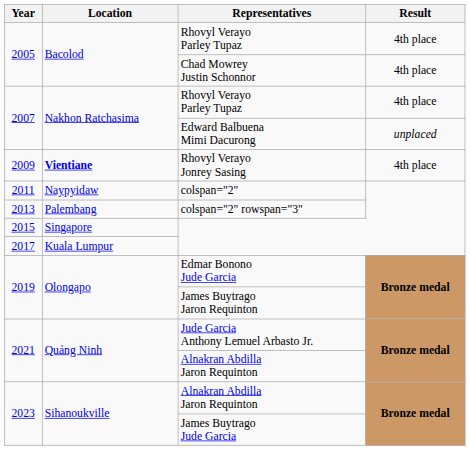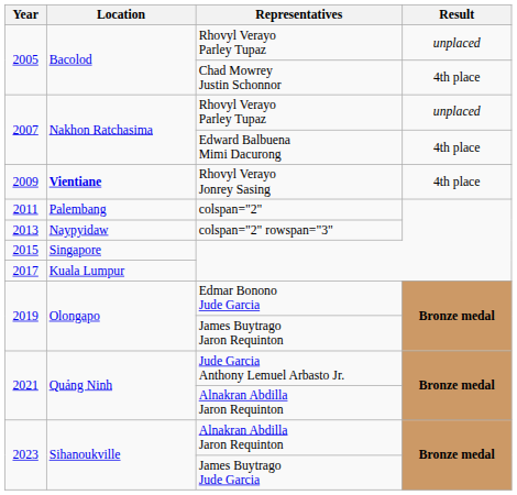 <table class="wikitable" style="font-size:100%; width:50%;">
 <tr>
 <th style= "align=center; width:10em;">Year</th>
 <th style= "align=center; width:65em;">Location</th>
 <th style= "align=center; width:100em;">Representatives</th>
 <th style= "align=center; width:50em;">Result</th>
 </tr>
 <tr>
 <td rowspan=2 align=center><a href='#'>2005</a></td>
 <td rowspan=2> <a href='#'>Bacolod</a></td>
 <td>Rhovyl Verayo <br> Parley Tupaz</td>
-<td align=center>4th place</td>
+<td align=center><em>unplaced</em></td>
 </tr>
 <tr>
 <td>Chad Mowrey <br> Justin Schonnor</td>
 <td align=center>4th place</td>
 </tr>
 <tr>
 <td rowspan=2 align=center><a href='#'>2007</a></td>
 <td rowspan=2> <a href='#'>Nakhon Ratchasima</a></td>
 <td>Rhovyl Verayo <br> Parley Tupaz</td>
-<td align=center>4th place</td>
+<td align=center><em>unplaced</em></td>
 </tr>
 <tr>
 <td>Edward Balbuena <br> Mimi Dacurong</td>
-<td align=center><em>unplaced</em></td>
+<td align=center>4th place</td>
 </tr>
 <tr>
 <td align=center><a href='#'>2009</a></td>
 <td><strong> <a href='#'>Vientiane</a></strong></td>
 <td>Rhovyl Verayo <br> Jonrey Sasing</td>
 <td align=center>4th place</td>
 </tr>
 <tr>
 <td align=center><a href='#'>2011</a></td>
-<td> <a href='#'>Naypyidaw</a></td>
+<td> <a href='#'>Palembang</a></td>
 <td>colspan="2" <small>  </small></td>
 </tr>
 <tr>
 <td align=center><a href='#'>2013</a></td>
-<td> <a href='#'>Palembang</a></td>
+<td> <a href='#'>Naypyidaw</a></td>
 <td>colspan="2" rowspan="3" <small>  </small></td>
 </tr>
 <tr>
 <td align=center><a href='#'>2015</a></td>
 <td> <a href='#'>Singapore</a></td>
 </tr>
 <tr>
 <td align=center><a href='#'>2017</a></td>
 <td> <a href='#'>Kuala Lumpur</a></td>
 </tr>
 <tr>
 <td rowspan=2 align=center><a href='#'>2019</a></td>
 <td rowspan=2> <a href='#'>Olongapo</a></td>
 <td>Edmar Bonono <br> <a href='#'>Jude Garcia</a></td>
 <td rowspan=2  style="background:#CC9966;" align=center><strong>Bronze medal</strong></td>
 </tr>
 <tr>
 <td>James Buytrago <br> Jaron Requinton</td>
 </tr>
 <tr>
 <td rowspan=2 align=center><a href='#'>2021</a></td>
 <td rowspan=2> <a href='#'>Quảng Ninh</a></td>
 <td><a href='#'>Jude Garcia</a> <br> Anthony Lemuel Arbasto Jr.</td>
 <td rowspan=2  style="background:#CC9966;" align=center><strong>Bronze medal</strong></td>
 </tr>
 <tr>
 <td><a href='#'>Alnakran Abdilla</a> <br> Jaron Requinton</td>
 </tr>
 <tr>
 <td rowspan=2 align=center><a href='#'>2023</a></td>
 <td rowspan=2> <a href='#'>Sihanoukville</a></td>
 <td><a href='#'>Alnakran Abdilla</a> <br> Jaron Requinton</td>
 <td rowspan=2  style="background:#CC9966;" align=center><strong>Bronze medal</strong></td>
 </tr>
 <tr>
 <td>James Buytrago <br> <a href='#'>Jude Garcia</a></td>
 </tr>
 </table>
